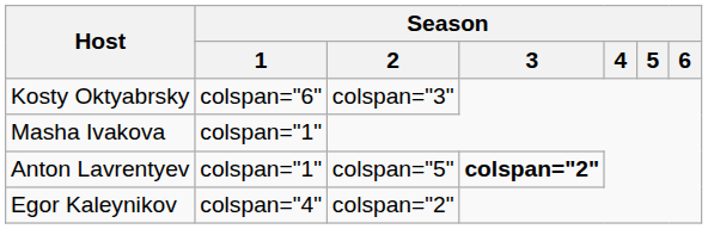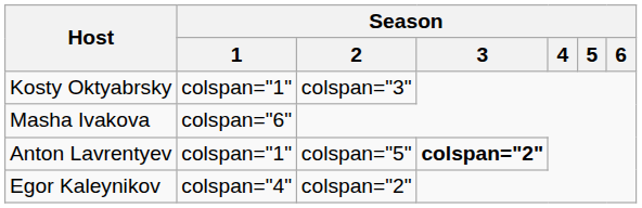 <table class="wikitable" width:"50%">
 <tr>
 <th scope="col"; rowspan="2">Host</th>
 <th colspan="6">Season</th>
 </tr>
 <tr>
 <th ! width="15">1</th>
 <th width="15">2</th>
 <th width="15">3</th>
 <th width="15">4</th>
 <th width="15">5</th>
 <th width="15">6</th>
 </tr>
 <tr>
 <td> Kosty Oktyabrsky</td>
-<td>colspan="6" </td>
+<td>colspan="1" </td>
 <td>colspan="3" </td>
 </tr>
 <tr>
 <td> Masha Ivakova</td>
-<td>colspan="1" </td>
+<td>colspan="6" </td>
 </tr>
 <tr>
 <td> Anton Lavrentyev</td>
 <td>colspan="1" </td>
 <td>colspan="5" </td>
 <td><strong>colspan="2" </strong></td>
 </tr>
 <tr>
 <td> Egor Kaleynikov</td>
 <td>colspan="4" </td>
 <td>colspan="2" </td>
 </tr>
 </table>
